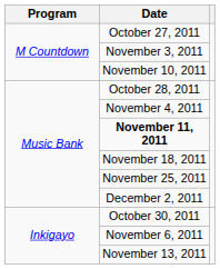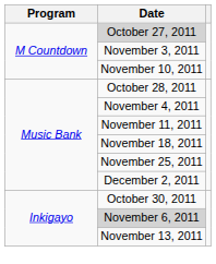 <table class="wikitable" style="text-align:center">
 <tr>
 <th width="120">Program</th>
 <th width="140">Date</th>
 <th></th>
 </tr>
 <tr>
 <td rowspan="3"><em><a href='#'>M Countdown</a></em></td>
-<td>October 27, 2011</td>
+<td style="background: lightgrey;">October 27, 2011</td>
 <td rowspan="3"></td>
 </tr>
 <tr>
 <td>November 3, 2011</td>
 </tr>
 <tr>
 <td>November 10, 2011</td>
 </tr>
 <tr>
 <td rowspan="6"><em><a href='#'>Music Bank</a></em></td>
 <td>October 28, 2011</td>
 <td rowspan="6"></td>
 </tr>
 <tr>
 <td>November 4, 2011</td>
 </tr>
 <tr>
-<td><strong>November 11, 2011</strong></td>
+<td>November 11, 2011</td>
 </tr>
 <tr>
 <td>November 18, 2011</td>
 </tr>
 <tr>
 <td>November 25, 2011</td>
 </tr>
 <tr>
 <td>December 2, 2011</td>
 </tr>
 <tr>
 <td rowspan="3"><em><a href='#'>Inkigayo</a></em></td>
 <td>October 30, 2011</td>
 <td rowspan="3"></td>
 </tr>
 <tr>
-<td>November 6, 2011</td>
+<td style="background: lightgrey;">November 6, 2011</td>
 </tr>
 <tr>
 <td>November 13, 2011</td>
 </tr>
 </table>
